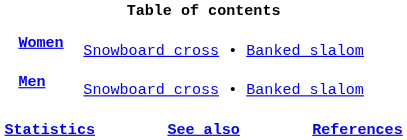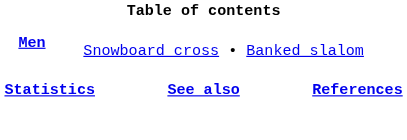 <table class="toc">
 <tr>
 <th colspan="2">Table of contents</th>
-</tr>
-<tr>
-<td style="width: 4em; padding-left: 1em;"><strong><a href='#'>Women</a></strong></td>
-<td style="padding-right: 1em;"><br><a href='#'>Snowboard cross</a> • <a href='#'>Banked slalom</a></td>
 </tr>
 <tr>
 <td style="width: 4em; padding-left: 1em;"><strong><a href='#'>Men</a></strong></td>
 <td style="padding-right: 1em;"><br><a href='#'>Snowboard cross</a> • <a href='#'>Banked slalom</a></td>
 </tr>
 <tr>
 <td colspan="2" style="text-align: center;"><br><strong><a href='#'>Statistics</a></strong>        <strong><a href='#'>See also</a></strong>        <strong><a href='#'>References</a></strong></td>
 </tr>
 </table>
